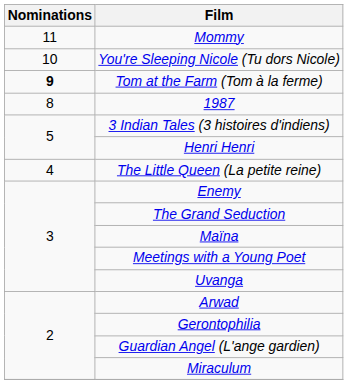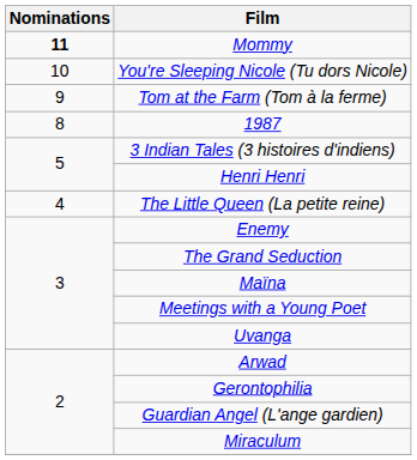 <table class="wikitable" style="text-align:center;">
 <tr>
 <th scope="col" width="17">Nominations</th>
 <th scope="col" align="center">Film</th>
 </tr>
 <tr>
-<td rowspan="1" style="text-align:center;">11</td>
+<td rowspan="1" style="text-align:center;"><strong>11</strong></td>
 <td><em><a href='#'>Mommy</a></em></td>
 </tr>
 <tr>
 <td rowspan="1" style="text-align:center;">10</td>
 <td><em><a href='#'>You're Sleeping Nicole</a> (Tu dors Nicole)</em></td>
 </tr>
 <tr>
-<td rowspan="1" style="text-align:center;"><strong>9</strong></td>
+<td rowspan="1" style="text-align:center;">9</td>
 <td><em><a href='#'>Tom at the Farm</a> (Tom à la ferme)</em></td>
 </tr>
 <tr>
 <td rowspan="1" style="text-align:center;">8</td>
 <td><em><a href='#'>1987</a></em></td>
 </tr>
 <tr>
 <td rowspan="2" style="text-align:center;">5</td>
 <td><em><a href='#'>3 Indian Tales</a> (3 histoires d'indiens)</em></td>
 </tr>
 <tr>
 <td><em><a href='#'>Henri Henri</a></em></td>
 </tr>
 <tr>
 <td rowspan="1" style="text-align:center;">4</td>
 <td><em><a href='#'>The Little Queen</a> (La petite reine)</em></td>
 </tr>
 <tr>
 <td rowspan="5" style="text-align:center;">3</td>
 <td><em><a href='#'>Enemy</a></em></td>
 </tr>
 <tr>
 <td><em><a href='#'>The Grand Seduction</a></em></td>
 </tr>
 <tr>
 <td><em><a href='#'>Maïna</a></em></td>
 </tr>
 <tr>
 <td><em><a href='#'>Meetings with a Young Poet</a></em></td>
 </tr>
 <tr>
 <td><em><a href='#'>Uvanga</a></em></td>
 </tr>
 <tr>
 <td rowspan="4" style="text-align:center;">2</td>
 <td><em><a href='#'>Arwad</a></em></td>
 </tr>
 <tr>
 <td><em><a href='#'>Gerontophilia</a></em></td>
 </tr>
 <tr>
 <td><em><a href='#'>Guardian Angel</a> (L'ange gardien)</em></td>
 </tr>
 <tr>
 <td><em><a href='#'>Miraculum</a></em></td>
 </tr>
 <tr>
 </tr>
 </table>
